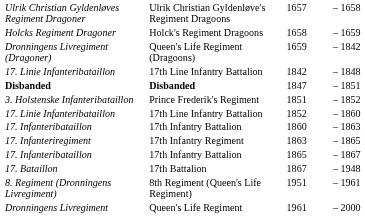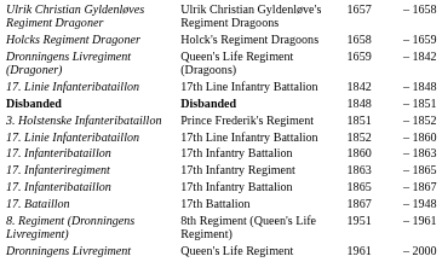 <table class="toccolours" style="float: auto; clear: right; margin: 0 0 0.5em 1em;">
 <tr style="vertical-align: top;">
 <td><em>Ulrik Christian Gyldenløves Regiment Dragoner</em></td>
 <td>Ulrik Christian Gyldenløve's Regiment Dragoons</td>
 <td width="12%">1657</td>
 <td width="1%">–</td>
 <td width="12%">1658</td>
 </tr>
 <tr style="vertical-align: top;">
 <td><em>Holcks Regiment Dragoner</em></td>
 <td>Holck's Regiment Dragoons</td>
 <td width="12%">1658</td>
 <td width="1%">–</td>
 <td width="12%">1659</td>
 </tr>
 <tr style="vertical-align: top;">
 <td><em>Dronningens Livregiment (Dragoner)</em></td>
 <td>Queen's Life Regiment (Dragoons)</td>
 <td width="12%">1659</td>
 <td width="1%">–</td>
 <td width="12%">1842</td>
 </tr>
 <tr style="vertical-align: top;">
 <td><em>17. Linie Infanteribataillon</em></td>
 <td>17th Line Infantry Battalion</td>
 <td width="12%">1842</td>
 <td width="1%">–</td>
 <td width="12%">1848</td>
 </tr>
 <tr style="vertical-align: top;">
 <td><strong>Disbanded</strong></td>
 <td><strong>Disbanded</strong></td>
-<td width="12%">1847</td>
+<td width="12%">1848</td>
 <td width="1%">–</td>
 <td width="12%">1851</td>
 </tr>
 <tr style="vertical-align: top;">
 <td><em>3. Holstenske Infanteribataillon</em></td>
 <td>Prince Frederik's Regiment</td>
 <td width="12%">1851</td>
 <td width="1%">–</td>
 <td width="12%">1852</td>
 </tr>
 <tr style="vertical-align: top;">
 <td><em>17. Linie Infanteribataillon	</em></td>
 <td>17th Line Infantry Battalion</td>
 <td width="12%">1852</td>
 <td width="1%">–</td>
 <td width="12%">1860</td>
 </tr>
 <tr style="vertical-align: top;">
 <td><em>17. Infanteribataillon</em></td>
 <td>17th Infantry Battalion</td>
 <td width="12%">1860</td>
 <td width="1%">–</td>
 <td width="12%">1863</td>
 </tr>
 <tr style="vertical-align: top;">
 <td><em>17. Infanteriregiment</em></td>
 <td>17th Infantry Regiment</td>
 <td width="12%">1863</td>
 <td width="1%">–</td>
 <td width="12%">1865</td>
 </tr>
 <tr style="vertical-align: top;">
 <td><em>17. Infanteribataillon</em></td>
 <td>17th Infantry Battalion</td>
 <td width="12%">1865</td>
 <td width="1%">–</td>
 <td width="12%">1867</td>
 </tr>
 <tr style="vertical-align: top;">
 <td><em>17. Bataillon</em></td>
 <td>17th Battalion</td>
 <td width="12%">1867</td>
 <td width="1%">–</td>
 <td width="12%">1948</td>
 </tr>
 <tr style="vertical-align: top;">
 <td><em>8. Regiment (Dronningens Livregiment)</em></td>
 <td>8th Regiment (Queen's Life Regiment)</td>
 <td width="12%">1951</td>
 <td width="1%">–</td>
 <td width="12%">1961</td>
 </tr>
 <tr style="vertical-align: top;">
 <td><em>Dronningens Livregiment</em></td>
 <td>Queen's Life Regiment</td>
 <td width="12%">1961</td>
 <td width="1%">–</td>
 <td width="12%">2000</td>
 </tr>
 </table>
